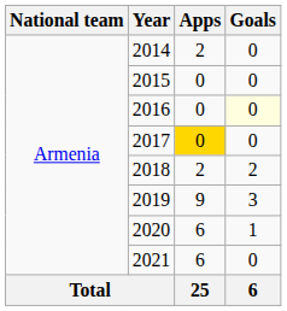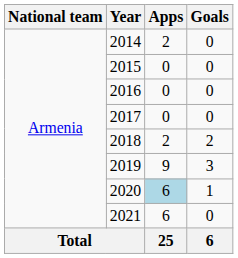 <table class="wikitable" style="text-align:center">
 <tr>
 <th>National team</th>
 <th>Year</th>
 <th>Apps</th>
 <th>Goals</th>
 </tr>
 <tr>
 <td rowspan="8"><a href='#'>Armenia</a></td>
 <td>2014</td>
 <td>2</td>
 <td>0</td>
 </tr>
 <tr>
 <td>2015</td>
 <td>0</td>
 <td>0</td>
 </tr>
 <tr>
 <td>2016</td>
 <td>0</td>
-<td style="background: lightyellow;">0</td>
+<td>0</td>
 </tr>
 <tr>
 <td>2017</td>
-<td style="background: gold;">0</td>
+<td>0</td>
 <td>0</td>
 </tr>
 <tr>
 <td>2018</td>
 <td>2</td>
 <td>2</td>
 </tr>
 <tr>
 <td>2019</td>
 <td>9</td>
 <td>3</td>
 </tr>
 <tr>
 <td>2020</td>
-<td>6</td>
+<td style="background: lightblue;">6</td>
 <td>1</td>
 </tr>
 <tr>
 <td>2021</td>
 <td>6</td>
 <td>0</td>
 </tr>
 <tr>
 <th colspan="2">Total</th>
 <th>25</th>
 <th>6</th>
 </tr>
 </table>
